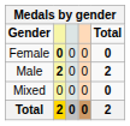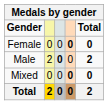 <table class=wikitable style=font-size:85%>
 <tr style="background:#efefef;">
 <th colspan=7><strong>Medals by gender</strong></th>
 </tr>
 <tr align=center>
 <td><strong>Gender</strong></td>
 <td bgcolor=#f7f6a8></td>
 <td bgcolor=#dce5e5></td>
 <td bgcolor=#ffdab9></td>
 <td><strong>Total</strong></td>
 </tr>
 <tr align=center>
 <td>Female</td>
-<td style="background:#F7F6A8;"><strong>0</strong></td>
+<td style="background:#F7F6A8;">0</td>
 <td style="background:#DCE5E5;">0</td>
-<td style="background:#FFDAB9;">0</td>
+<td style="background:#FFDAB9;"><strong>0</strong></td>
 <td><strong>0</strong></td>
 </tr>
 <tr align=center>
 <td>Male</td>
-<td style="background:#F7F6A8;"><strong>2</strong></td>
-<td style="background:#DCE5E5;">0</td>
+<td style="background:#F7F6A8;">2</td>
+<td style="background:#DCE5E5;"><strong>0</strong></td>
 <td style="background:#FFDAB9;">0</td>
 <td><strong>2</strong></td>
 </tr>
 <tr align=center>
 <td>Mixed</td>
 <td style="background:#F7F6A8;">0</td>
 <td style="background:#DCE5E5;">0</td>
-<td style="background:#FFDAB9;">0</td>
+<td style="background:#FFDAB9;"><strong>0</strong></td>
 <td><strong>0</strong></td>
 </tr>
 <tr align=center>
 <th><strong>Total</strong></th>
 <th style="background:gold;"><strong>2</strong></th>
 <th style="background:silver;"><strong>0</strong></th>
 <th style="background:#c96;"><strong>0</strong></th>
 <th><strong>2</strong></th>
 </tr>
 </table>
